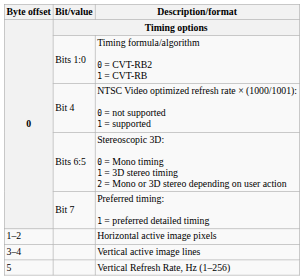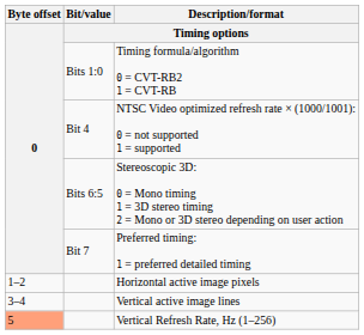 <table class=wikitable>
 <tr>
 <th>Byte offset</th>
 <th>Bit/value</th>
 <th>Description/format</th>
 </tr>
 <tr>
 <th rowspan=5>0</th>
 <th colspan=2>Timing options</th>
 </tr>
 <tr>
 <td>Bits 1:0</td>
 <td>Timing formula/algorithm<br><br><code>0</code> = CVT-RB2<br> <code>1</code> = CVT-RB</td>
 </tr>
 <tr>
 <td>Bit 4</td>
 <td>NTSC Video optimized refresh rate × (1000/1001):<br><br><code>0</code> = not supported<br> <code>1</code> = supported</td>
 </tr>
 <tr>
 <td>Bits 6:5</td>
 <td>Stereoscopic 3D:<br><br><code>0</code> = Mono timing<br> <code>1</code> = 3D stereo timing<br> <code>2</code> = Mono or 3D stereo depending on user action</td>
 </tr>
 <tr>
 <td>Bit 7</td>
 <td>Preferred timing:<br><br><code>1</code> = preferred detailed timing<br></td>
 </tr>
 <tr>
 <td>1–2</td>
 <td></td>
 <td>Horizontal active image pixels</td>
 </tr>
 <tr>
 <td>3–4</td>
 <td></td>
 <td>Vertical active image lines</td>
 </tr>
 <tr>
-<td>5</td>
+<td style="background: lightsalmon;">5</td>
 <td></td>
 <td>Vertical Refresh Rate, Hz (1–256)</td>
 </tr>
 </table>
